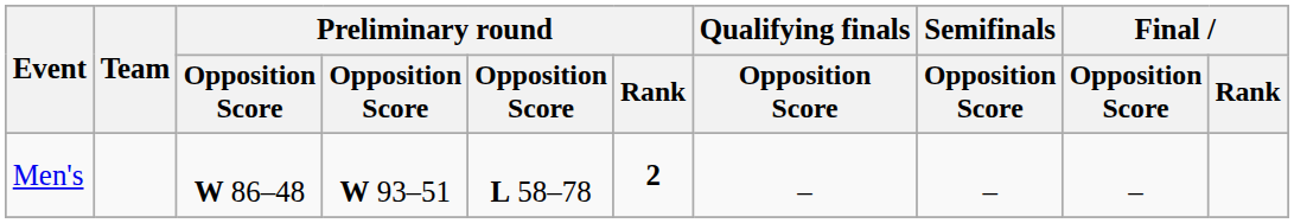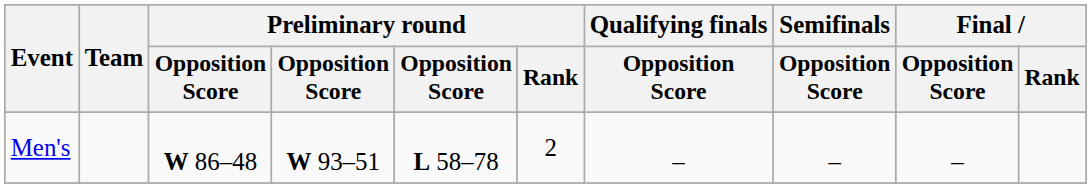 <table class=wikitable style=font-size:90%;text-align:center>
 <tr>
 <th rowspan=2>Event</th>
 <th rowspan=2>Team</th>
 <th colspan=4>Preliminary round</th>
 <th>Qualifying finals</th>
 <th>Semifinals</th>
 <th colspan=2>Final / </th>
 </tr>
 <tr style=font-size:95%>
 <th>Opposition<br>Score</th>
 <th>Opposition<br>Score</th>
 <th>Opposition<br>Score</th>
 <th>Rank</th>
 <th>Opposition<br>Score</th>
 <th>Opposition<br>Score</th>
 <th>Opposition<br>Score</th>
 <th>Rank</th>
 </tr>
 <tr>
 <td align=left><a href='#'>Men's</a></td>
 <td align=left></td>
 <td><br><strong>W</strong> 86–48</td>
 <td><br><strong>W</strong> 93–51</td>
 <td><br><strong>L</strong> 58–78</td>
-<td><strong>2</strong></td>
+<td>2</td>
 <td><br> –</td>
 <td><br> –</td>
 <td><br> –</td>
 <td></td>
 </tr>
 </table>
